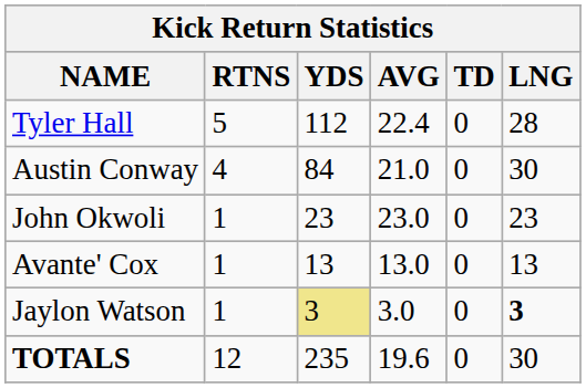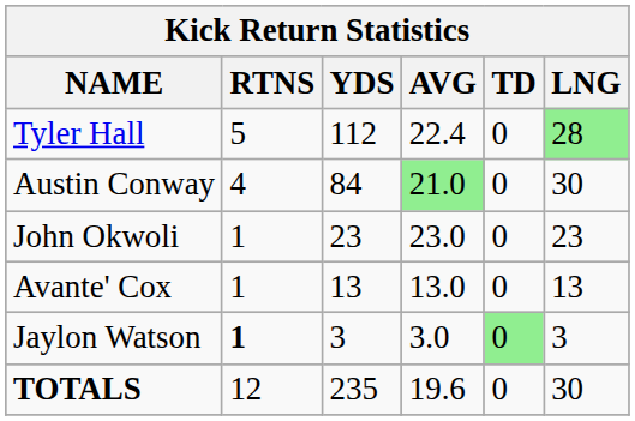 <table class="wikitable sortable collapsible collapsed">
 <tr>
 <th colspan="8">Kick Return Statistics</th>
 </tr>
 <tr>
 <th>NAME</th>
 <th>RTNS</th>
 <th>YDS</th>
 <th>AVG</th>
 <th>TD</th>
 <th>LNG</th>
 </tr>
 <tr>
 <td><a href='#'>Tyler Hall</a></td>
 <td>5</td>
 <td>112</td>
 <td>22.4</td>
 <td>0</td>
-<td>28</td>
+<td style="background: lightgreen;">28</td>
 </tr>
 <tr>
 <td>Austin Conway</td>
 <td>4</td>
 <td>84</td>
-<td>21.0</td>
+<td style="background: lightgreen;">21.0</td>
 <td>0</td>
 <td>30</td>
 </tr>
 <tr>
 <td>John Okwoli</td>
 <td>1</td>
 <td>23</td>
 <td>23.0</td>
 <td>0</td>
 <td>23</td>
 </tr>
 <tr>
 <td>Avante' Cox</td>
 <td>1</td>
 <td>13</td>
 <td>13.0</td>
 <td>0</td>
 <td>13</td>
 </tr>
 <tr>
 <td>Jaylon Watson</td>
-<td>1</td>
-<td style="background: khaki;">3</td>
+<td><strong>1</strong></td>
+<td>3</td>
 <td>3.0</td>
-<td>0</td>
-<td><strong>3</strong></td>
+<td style="background: lightgreen;">0</td>
+<td>3</td>
 </tr>
 <tr>
 <td><strong>TOTALS</strong></td>
 <td>12</td>
 <td>235</td>
 <td>19.6</td>
 <td>0</td>
 <td>30</td>
 </tr>
 </table>
